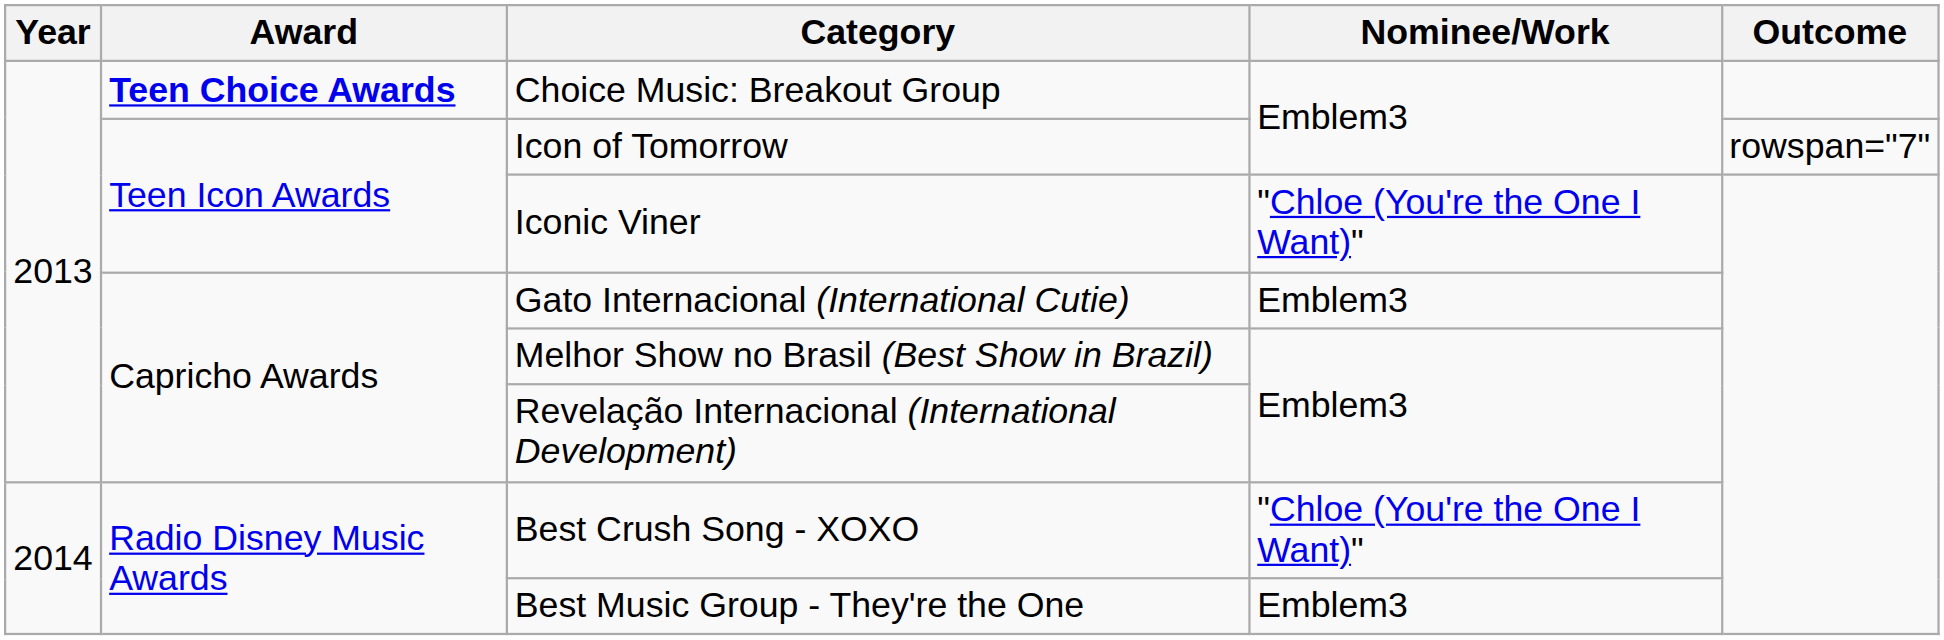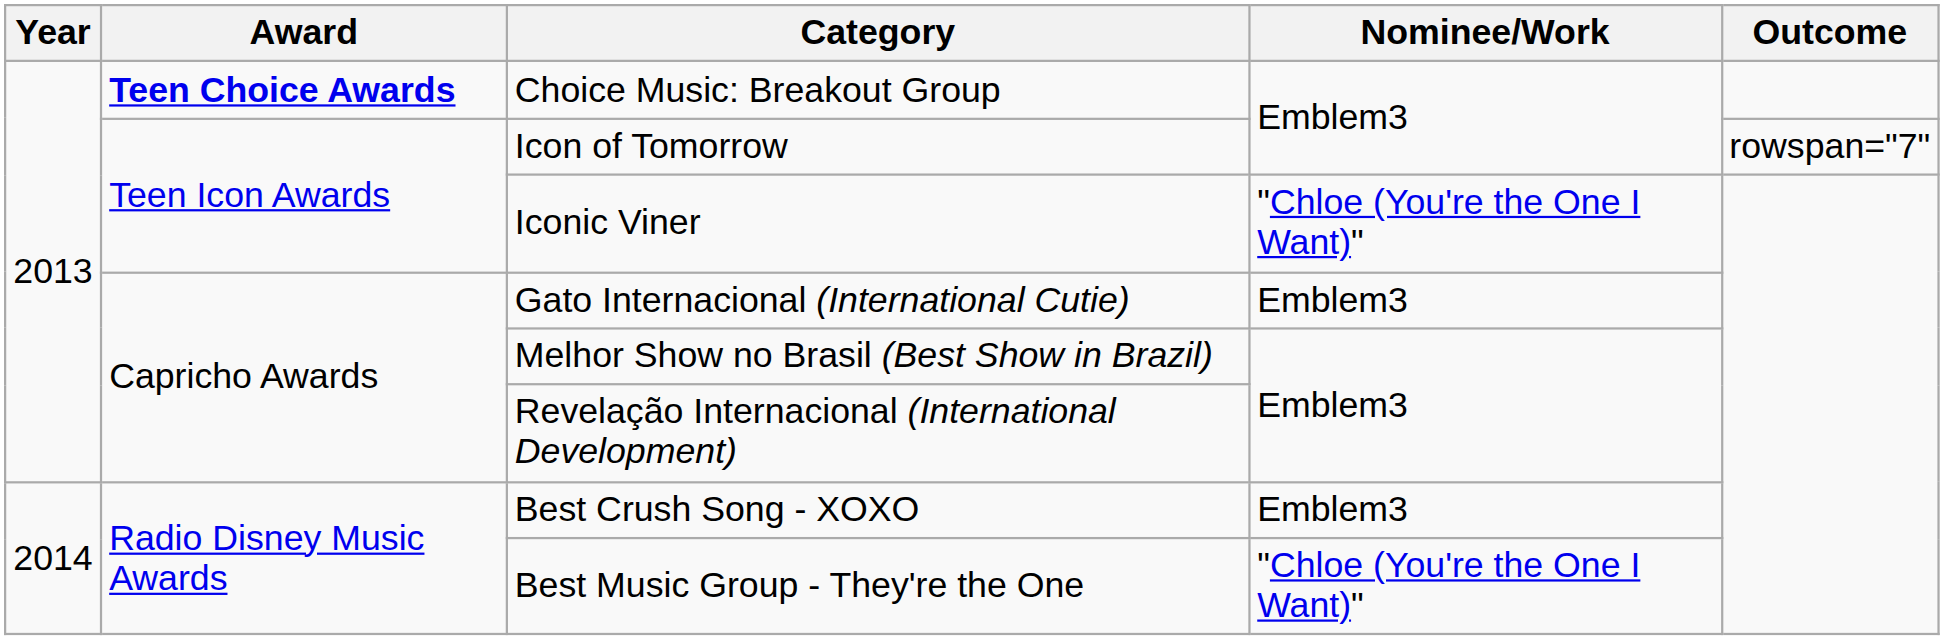 <table class="wikitable">
 <tr>
 <th>Year</th>
 <th>Award</th>
 <th>Category</th>
 <th>Nominee/Work</th>
 <th>Outcome</th>
 </tr>
 <tr>
 <td rowspan="6">2013</td>
 <td><strong><a href='#'>Teen Choice Awards</a></strong></td>
 <td>Choice Music: Breakout Group</td>
 <td rowspan="2">Emblem3</td>
 <td></td>
 </tr>
 <tr>
 <td rowspan="2"><a href='#'>Teen Icon Awards</a></td>
 <td>Icon of Tomorrow</td>
 <td>rowspan="7" </td>
 </tr>
 <tr>
 <td>Iconic Viner</td>
 <td>"<a href='#'>Chloe (You're the One I Want)</a>"</td>
 </tr>
 <tr>
 <td rowspan="3">Capricho Awards</td>
 <td>Gato Internacional <em>(International Cutie)</em></td>
 <td>Emblem3</td>
 </tr>
 <tr>
 <td>Melhor Show no Brasil <em>(Best Show in Brazil)</em></td>
 <td rowspan="2">Emblem3</td>
 </tr>
 <tr>
 <td>Revelação Internacional <em>(International Development)</em></td>
 </tr>
 <tr>
 <td rowspan="2">2014</td>
 <td rowspan="2"><a href='#'>Radio Disney Music Awards</a></td>
 <td>Best Crush Song - XOXO</td>
-<td>"<a href='#'>Chloe (You're the One I Want)</a>"</td>
+<td>Emblem3</td>
 </tr>
 <tr>
 <td>Best Music Group - They're the One</td>
-<td>Emblem3</td>
+<td>"<a href='#'>Chloe (You're the One I Want)</a>"</td>
 </tr>
 </table>
